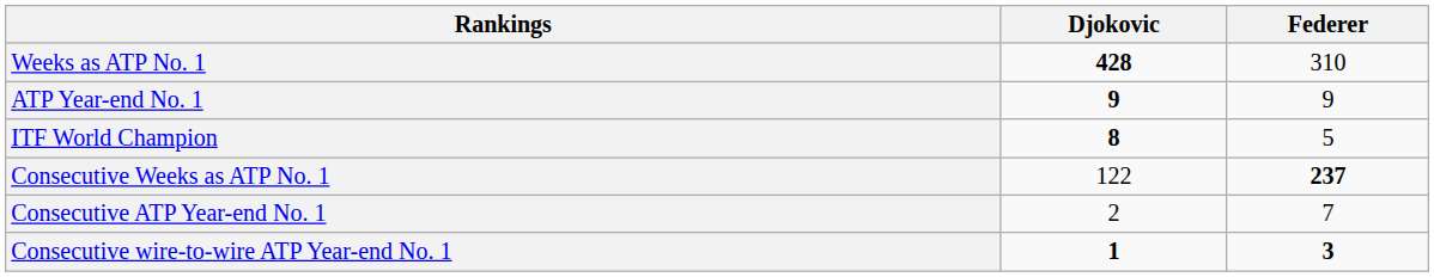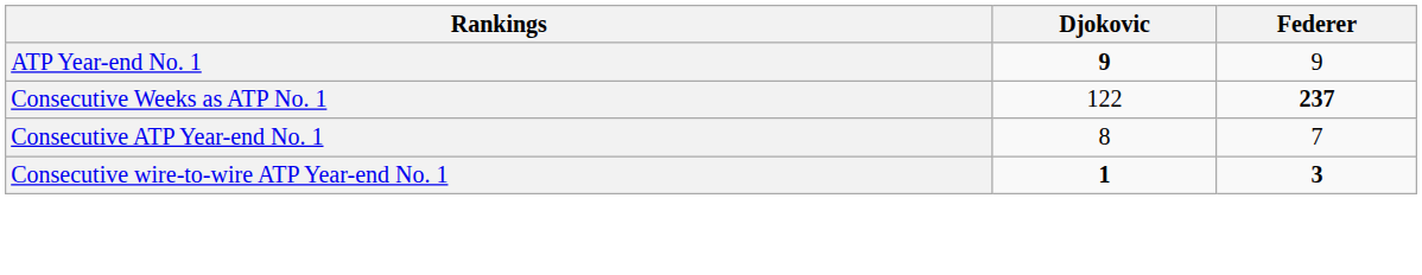 <table class=wikitable style="width:48%; vertical-align:top; text-align:center;">
 <tr>
 <th>Rankings</th>
 <th>Djokovic</th>
 <th>Federer</th>
 </tr>
 <tr>
-<td style="background:#F2F2F2; text-align: left;"><a href='#'>Weeks as ATP No. 1</a></td>
-<td><strong>428</strong></td>
-<td>310</td>
-</tr>
-<tr>
 <td style="background:#F2F2F2; text-align: left;"><a href='#'>ATP Year-end No. 1</a></td>
 <td><strong>9</strong></td>
 <td>9</td>
-</tr>
-<tr>
-<td style="background:#F2F2F2; text-align: left;"><a href='#'>ITF World Champion</a></td>
-<td><strong>8</strong></td>
-<td>5</td>
 </tr>
 <tr>
 <td style="background:#F2F2F2; text-align: left;"><a href='#'>Consecutive Weeks as ATP No. 1</a></td>
 <td>122</td>
 <td><strong>237</strong></td>
 </tr>
 <tr>
 <td style="background:#F2F2F2; text-align: left;"><a href='#'>Consecutive ATP Year-end No. 1</a></td>
-<td>2</td>
+<td>8</td>
 <td>7</td>
 </tr>
 <tr>
 <td style="background:#F2F2F2; text-align: left;"><a href='#'>Consecutive wire-to-wire ATP Year-end No. 1</a></td>
 <td><strong>1</strong></td>
 <td><strong>3</strong></td>
 </tr>
 </table>
